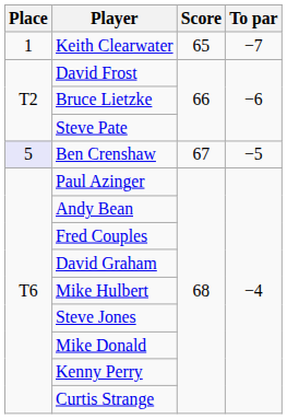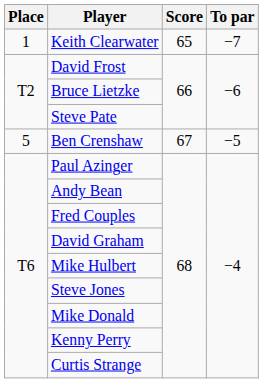 <table class="wikitable">
 <tr>
 <th>Place</th>
 <th>Player</th>
 <th>Score</th>
 <th>To par</th>
 </tr>
 <tr>
 <td align=center>1</td>
 <td> <a href='#'>Keith Clearwater</a></td>
 <td align=center>65</td>
 <td align=center>−7</td>
 </tr>
 <tr>
 <td rowspan=3 align=center>T2</td>
 <td> <a href='#'>David Frost</a></td>
 <td rowspan=3 align=center>66</td>
 <td rowspan=3 align=center>−6</td>
 </tr>
 <tr>
 <td> <a href='#'>Bruce Lietzke</a></td>
 </tr>
 <tr>
 <td> <a href='#'>Steve Pate</a></td>
 </tr>
 <tr>
-<td align=center style="background: lavender;">5</td>
+<td align=center>5</td>
 <td> <a href='#'>Ben Crenshaw</a></td>
 <td align=center>67</td>
 <td align=center>−5</td>
 </tr>
 <tr>
 <td rowspan=9 align=center>T6</td>
 <td> <a href='#'>Paul Azinger</a></td>
 <td rowspan=9 align=center>68</td>
 <td rowspan=9 align=center>−4</td>
 </tr>
 <tr>
 <td> <a href='#'>Andy Bean</a></td>
 </tr>
 <tr>
 <td> <a href='#'>Fred Couples</a></td>
 </tr>
 <tr>
 <td> <a href='#'>David Graham</a></td>
 </tr>
 <tr>
 <td> <a href='#'>Mike Hulbert</a></td>
 </tr>
 <tr>
 <td> <a href='#'>Steve Jones</a></td>
 </tr>
 <tr>
 <td> <a href='#'>Mike Donald</a></td>
 </tr>
 <tr>
 <td> <a href='#'>Kenny Perry</a></td>
 </tr>
 <tr>
 <td> <a href='#'>Curtis Strange</a></td>
 </tr>
 </table>
